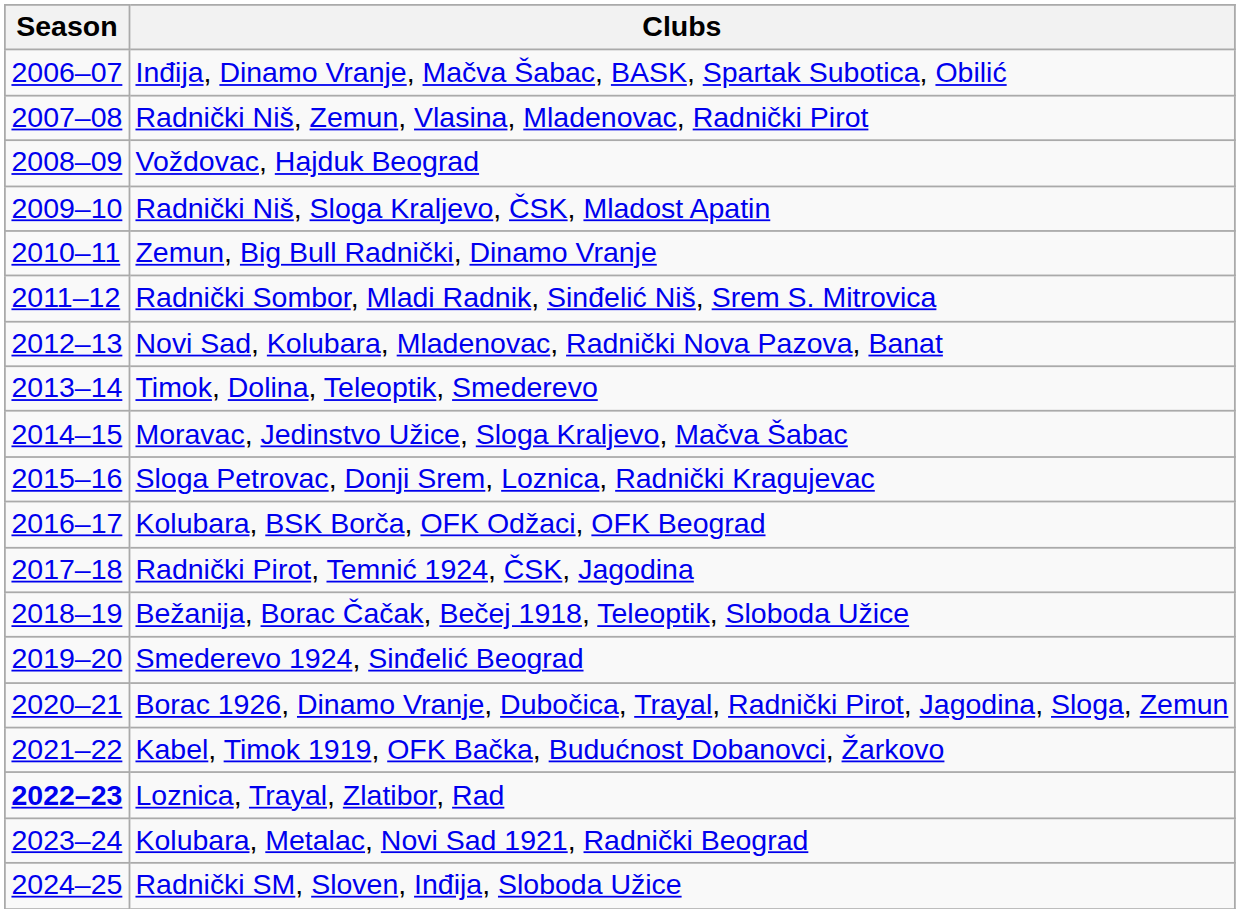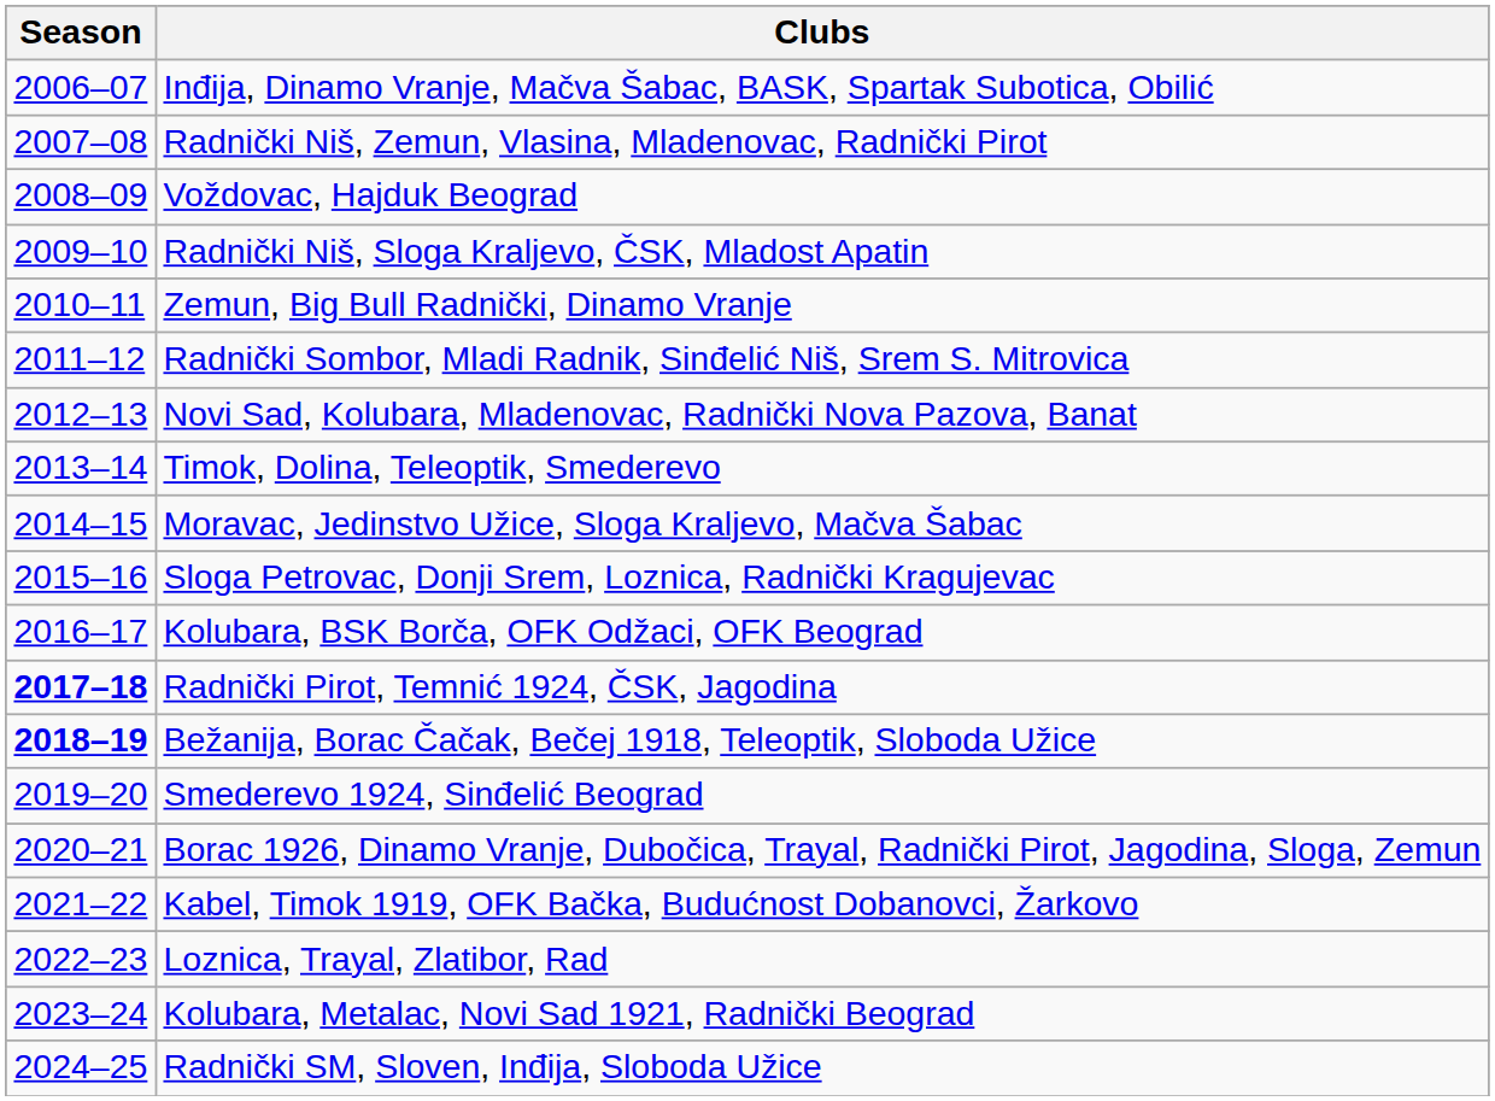 <table class="wikitable" style="text-align:left">
 <tr>
 <th>Season</th>
 <th>Clubs</th>
 </tr>
 <tr>
 <td><a href='#'>2006–07</a></td>
 <td><a href='#'>Inđija</a>, <a href='#'>Dinamo Vranje</a>, <a href='#'>Mačva Šabac</a>, <a href='#'>BASK</a>, <a href='#'>Spartak Subotica</a>, <a href='#'>Obilić</a></td>
 </tr>
 <tr>
 <td><a href='#'>2007–08</a></td>
 <td><a href='#'>Radnički Niš</a>, <a href='#'>Zemun</a>, <a href='#'>Vlasina</a>, <a href='#'>Mladenovac</a>, <a href='#'>Radnički Pirot</a></td>
 </tr>
 <tr>
 <td><a href='#'>2008–09</a></td>
 <td><a href='#'>Voždovac</a>, <a href='#'>Hajduk Beograd</a></td>
 </tr>
 <tr>
 <td><a href='#'>2009–10</a></td>
 <td><a href='#'>Radnički Niš</a>, <a href='#'>Sloga Kraljevo</a>, <a href='#'>ČSK</a>, <a href='#'>Mladost Apatin</a></td>
 </tr>
 <tr>
 <td><a href='#'>2010–11</a></td>
 <td><a href='#'>Zemun</a>, <a href='#'>Big Bull Radnički</a>, <a href='#'>Dinamo Vranje</a></td>
 </tr>
 <tr>
 <td><a href='#'>2011–12</a></td>
 <td><a href='#'>Radnički Sombor</a>, <a href='#'>Mladi Radnik</a>, <a href='#'>Sinđelić Niš</a>, <a href='#'>Srem S. Mitrovica</a></td>
 </tr>
 <tr>
 <td><a href='#'>2012–13</a></td>
 <td><a href='#'>Novi Sad</a>, <a href='#'>Kolubara</a>, <a href='#'>Mladenovac</a>, <a href='#'>Radnički Nova Pazova</a>, <a href='#'>Banat</a></td>
 </tr>
 <tr>
 <td><a href='#'>2013–14</a></td>
 <td><a href='#'>Timok</a>, <a href='#'>Dolina</a>, <a href='#'>Teleoptik</a>, <a href='#'>Smederevo</a></td>
 </tr>
 <tr>
 <td><a href='#'>2014–15</a></td>
 <td><a href='#'>Moravac</a>, <a href='#'>Jedinstvo Užice</a>, <a href='#'>Sloga Kraljevo</a>, <a href='#'>Mačva Šabac</a></td>
 </tr>
 <tr>
 <td><a href='#'>2015–16</a></td>
 <td><a href='#'>Sloga Petrovac</a>, <a href='#'>Donji Srem</a>, <a href='#'>Loznica</a>, <a href='#'>Radnički Kragujevac</a></td>
 </tr>
 <tr>
 <td><a href='#'>2016–17</a></td>
 <td><a href='#'>Kolubara</a>, <a href='#'>BSK Borča</a>, <a href='#'>OFK Odžaci</a>, <a href='#'>OFK Beograd</a></td>
 </tr>
 <tr>
-<td><a href='#'>2017–18</a></td>
+<td><strong><a href='#'>2017–18</a></strong></td>
 <td><a href='#'>Radnički Pirot</a>, <a href='#'>Temnić 1924</a>, <a href='#'>ČSK</a>, <a href='#'>Jagodina</a></td>
 </tr>
 <tr>
-<td><a href='#'>2018–19</a></td>
+<td><strong><a href='#'>2018–19</a></strong></td>
 <td><a href='#'>Bežanija</a>, <a href='#'>Borac Čačak</a>, <a href='#'>Bečej 1918</a>, <a href='#'>Teleoptik</a>, <a href='#'>Sloboda Užice</a></td>
 </tr>
 <tr>
 <td><a href='#'>2019–20</a></td>
 <td><a href='#'>Smederevo 1924</a>, <a href='#'>Sinđelić Beograd</a></td>
 </tr>
 <tr>
 <td><a href='#'>2020–21</a></td>
 <td><a href='#'>Borac 1926</a>, <a href='#'>Dinamo Vranje</a>, <a href='#'>Dubočica</a>, <a href='#'>Trayal</a>, <a href='#'>Radnički Pirot</a>, <a href='#'>Jagodina</a>, <a href='#'>Sloga</a>, <a href='#'>Zemun</a></td>
 </tr>
 <tr>
 <td><a href='#'>2021–22</a></td>
 <td><a href='#'>Kabel</a>, <a href='#'>Timok 1919</a>, <a href='#'>OFK Bačka</a>, <a href='#'>Budućnost Dobanovci</a>, <a href='#'>Žarkovo</a></td>
 </tr>
 <tr>
-<td><strong><a href='#'>2022–23</a></strong></td>
+<td><a href='#'>2022–23</a></td>
 <td><a href='#'>Loznica</a>, <a href='#'>Trayal</a>, <a href='#'>Zlatibor</a>, <a href='#'>Rad</a></td>
 </tr>
 <tr>
 <td><a href='#'>2023–24</a></td>
 <td><a href='#'>Kolubara</a>, <a href='#'>Metalac</a>, <a href='#'>Novi Sad 1921</a>, <a href='#'>Radnički Beograd</a></td>
 </tr>
 <tr>
 <td><a href='#'>2024–25</a></td>
 <td><a href='#'>Radnički SM</a>, <a href='#'>Sloven</a>, <a href='#'>Inđija</a>, <a href='#'>Sloboda Užice</a></td>
 </tr>
 </table>
